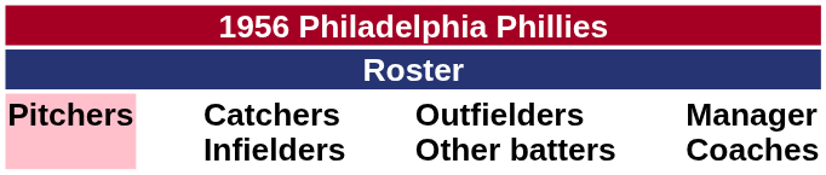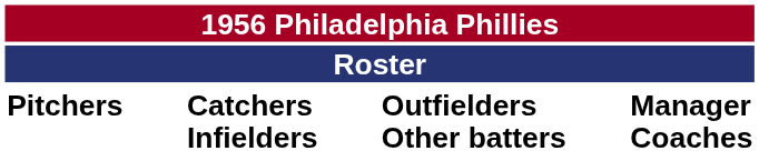 <table class="toccolours" style="font-size: 95%;">
 <tr>
 <th colspan="10" style="background-color: #A50024; color: white; text-align: center;">1956 Philadelphia Phillies</th>
 </tr>
 <tr>
 <td colspan="10" style="background-color: #263473; color: white; text-align: center;"><strong>Roster</strong></td>
 </tr>
 <tr>
-<td valign="top" style="background: pink;"><strong>Pitchers</strong><br>                </td>
+<td valign="top"><strong>Pitchers</strong><br>                </td>
 <td width="25px"></td>
 <td valign="top"><strong>Catchers</strong><br>    <strong>Infielders</strong>        </td>
 <td width="25px"></td>
 <td valign="top"><strong>Outfielders</strong><br>       <strong>Other batters</strong> </td>
 <td width="25px"></td>
 <td valign="top"><strong>Manager</strong><br> <strong>Coaches</strong>    </td>
 </tr>
 <tr>
 </tr>
 </table>
